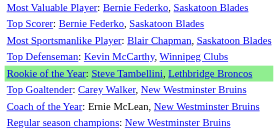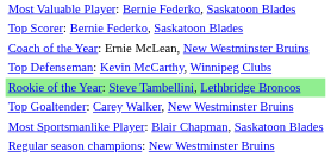 <table cellpadding="3" cellspacing="1">
 <tr>
 <td><a href='#'>Most Valuable Player</a>: <a href='#'>Bernie Federko</a>, <a href='#'>Saskatoon Blades</a></td>
 </tr>
 <tr>
 <td><a href='#'>Top Scorer</a>: <a href='#'>Bernie Federko</a>, <a href='#'>Saskatoon Blades</a></td>
 </tr>
 <tr>
-<td><a href='#'>Most Sportsmanlike Player</a>: <a href='#'>Blair Chapman</a>, <a href='#'>Saskatoon Blades</a></td>
+<td><a href='#'>Coach of the Year</a>: Ernie McLean, <a href='#'>New Westminster Bruins</a></td>
 </tr>
 <tr>
 <td><a href='#'>Top Defenseman</a>: <a href='#'>Kevin McCarthy</a>, <a href='#'>Winnipeg Clubs</a></td>
 </tr>
 <tr>
 <td style="background: lightgreen;"><a href='#'>Rookie of the Year</a>: <a href='#'>Steve Tambellini</a>, <a href='#'>Lethbridge Broncos</a></td>
 </tr>
 <tr>
 <td><a href='#'>Top Goaltender</a>: <a href='#'>Carey Walker</a>, <a href='#'>New Westminster Bruins</a></td>
 </tr>
 <tr>
-<td><a href='#'>Coach of the Year</a>: Ernie McLean, <a href='#'>New Westminster Bruins</a></td>
+<td><a href='#'>Most Sportsmanlike Player</a>: <a href='#'>Blair Chapman</a>, <a href='#'>Saskatoon Blades</a></td>
 </tr>
 <tr>
 <td><a href='#'>Regular season champions</a>: <a href='#'>New Westminster Bruins</a></td>
 </tr>
 </table>
